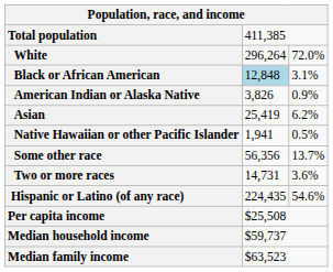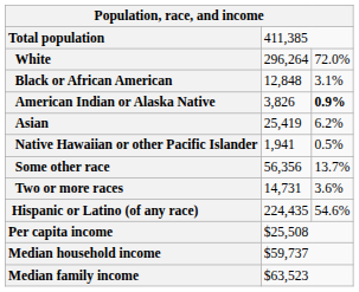 <table class="wikitable collapsible collapsed">
 <tr>
 <th colspan=6>Population, race, and income</th>
 </tr>
 <tr>
 <th scope="row" style="text-align: left;">Total population</th>
 <td colspan=2>411,385</td>
 </tr>
 <tr>
 <th scope="row" style="text-align: left;">  White</th>
 <td>296,264</td>
 <td>72.0%</td>
 </tr>
 <tr>
 <th scope="row" style="text-align: left;">  Black or African American</th>
-<td style="background: lightblue;">12,848</td>
+<td>12,848</td>
 <td>3.1%</td>
 </tr>
 <tr>
 <th scope="row" style="text-align: left;">  American Indian or Alaska Native</th>
 <td>3,826</td>
-<td>0.9%</td>
+<td><strong>0.9%</strong></td>
 </tr>
 <tr>
 <th scope="row" style="text-align: left;">  Asian</th>
 <td>25,419</td>
 <td>6.2%</td>
 </tr>
 <tr>
 <th scope="row" style="text-align: left;">  Native Hawaiian or other Pacific Islander</th>
 <td>1,941</td>
 <td>0.5%</td>
 </tr>
 <tr>
 <th scope="row" style="text-align: left;">  Some other race</th>
 <td>56,356</td>
 <td>13.7%</td>
 </tr>
 <tr>
 <th scope="row" style="text-align: left;">  Two or more races</th>
 <td>14,731</td>
 <td>3.6%</td>
 </tr>
 <tr>
 <th scope="row" style="text-align: left;"> Hispanic or Latino (of any race)</th>
 <td>224,435</td>
 <td>54.6%</td>
 </tr>
 <tr>
 <th scope="row" style="text-align: left;">Per capita income</th>
 <td colspan=2>$25,508</td>
 </tr>
 <tr>
 <th scope="row" style="text-align: left;">Median household income</th>
 <td colspan=2>$59,737</td>
 </tr>
 <tr>
 <th scope="row" style="text-align: left;">Median family income</th>
 <td colspan=2>$63,523</td>
 </tr>
 </table>
